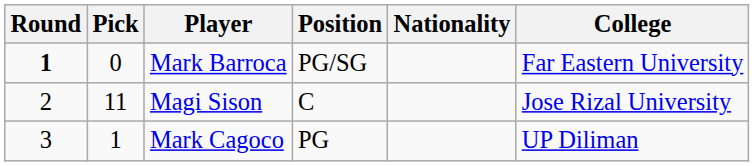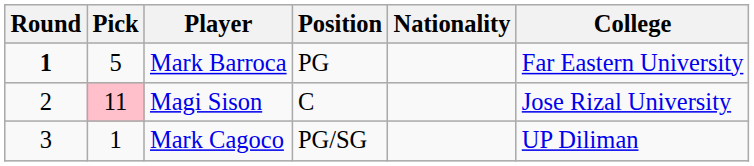 <table class="wikitable sortable sortable">
 <tr>
 <th>Round</th>
 <th>Pick</th>
 <th>Player</th>
 <th>Position</th>
 <th>Nationality</th>
 <th>College</th>
 </tr>
 <tr>
 <td align=center><strong>1</strong></td>
-<td align=center>0</td>
+<td align=center>5</td>
 <td><a href='#'>Mark Barroca</a></td>
-<td>PG/SG</td>
+<td>PG</td>
 <td></td>
 <td><a href='#'>Far Eastern University</a></td>
 </tr>
 <tr>
 <td align=center>2</td>
-<td align=center>11</td>
+<td align=center style="background: pink;">11</td>
 <td><a href='#'>Magi Sison</a></td>
 <td>C</td>
 <td></td>
 <td><a href='#'>Jose Rizal University</a></td>
 </tr>
 <tr>
 <td align=center>3</td>
 <td align=center>1</td>
 <td><a href='#'>Mark Cagoco</a></td>
-<td>PG</td>
+<td>PG/SG</td>
 <td></td>
 <td><a href='#'>UP Diliman</a></td>
 </tr>
 </table>
